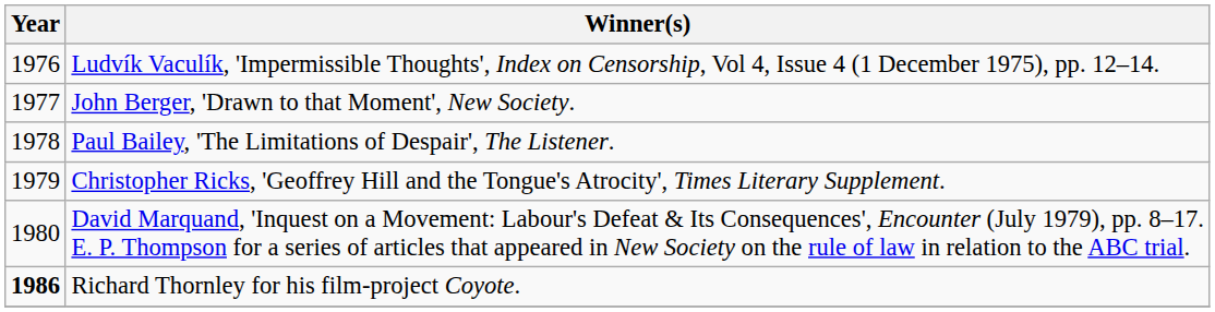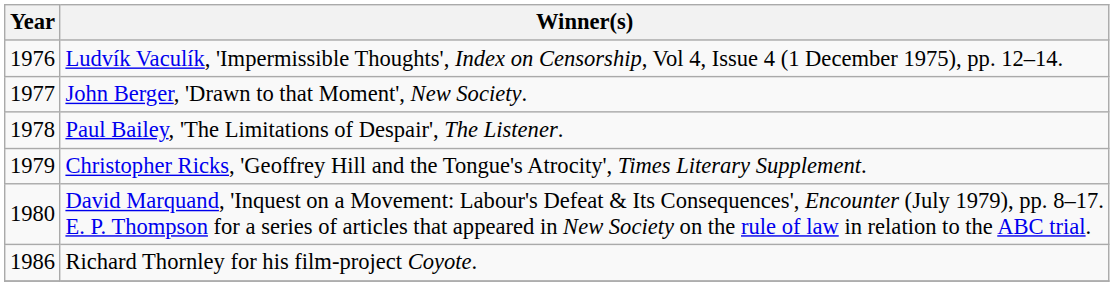 <table class="wikitable">
 <tr>
 <th>Year</th>
 <th>Winner(s)</th>
 </tr>
 <tr>
 <td>1976</td>
 <td><a href='#'>Ludvík Vaculík</a>, 'Impermissible Thoughts', <em>Index on Censorship</em>, Vol 4, Issue 4 (1 December 1975), pp. 12–14.</td>
 </tr>
 <tr>
 <td>1977</td>
 <td><a href='#'>John Berger</a>, 'Drawn to that Moment', <em>New Society</em>.</td>
 </tr>
 <tr>
 <td>1978</td>
 <td><a href='#'>Paul Bailey</a>, 'The Limitations of Despair', <em>The Listener</em>.</td>
 </tr>
 <tr>
 <td>1979</td>
 <td><a href='#'>Christopher Ricks</a>, 'Geoffrey Hill and the Tongue's Atrocity', <em>Times Literary Supplement</em>.</td>
 </tr>
 <tr>
 <td>1980</td>
 <td><a href='#'>David Marquand</a>, 'Inquest on a Movement: Labour's Defeat & Its Consequences', <em>Encounter</em> (July 1979), pp. 8–17.<br><a href='#'>E. P. Thompson</a> for a series of articles that appeared in <em>New Society</em> on the <a href='#'>rule of law</a> in relation to the <a href='#'>ABC trial</a>.</td>
 </tr>
 <tr>
-<td><strong>1986</strong></td>
+<td>1986</td>
 <td>Richard Thornley for his film-project <em>Coyote</em>.</td>
 </tr>
 <tr>
 </tr>
 </table>
